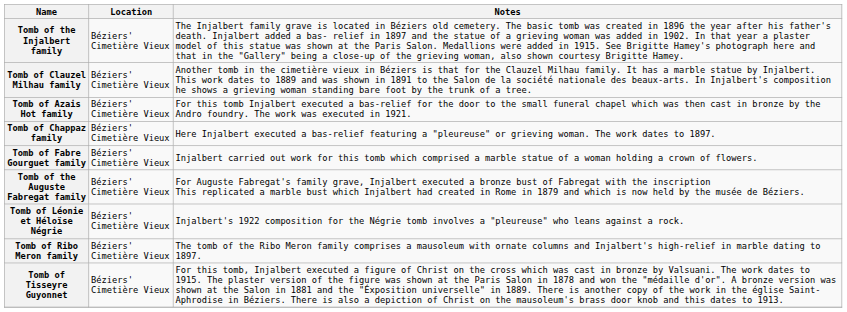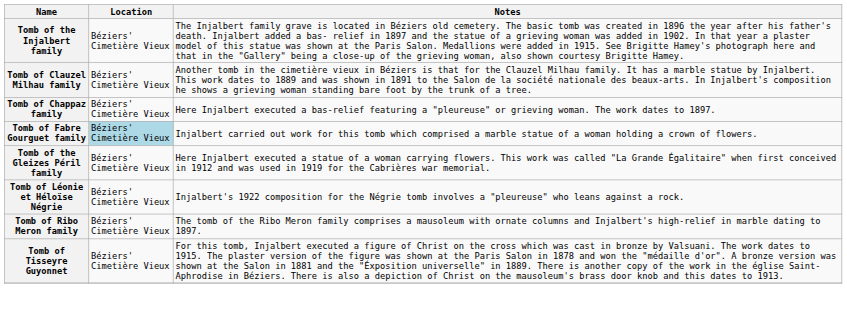 <table class="wikitable sortable plainrowheaders">
 <tr>
 <th scope="col" style="width:120px">Name</th>
 <th scope="col" style="width:120px">Location</th>
 <th scope="col" class="unsortable">Notes</th>
 </tr>
 <tr>
 <th scope="row">Tomb of the Injalbert family</th>
 <td>Béziers' Cimetière Vieux<br></td>
 <td>The Injalbert family grave is located in Béziers old cemetery. The basic tomb was created in 1896 the year after his father's death. Injalbert added a bas- relief in 1897 and the statue of a grieving woman was added in 1902. In that year a plaster model of this statue was shown at the Paris Salon. Medallions were added in 1915.  See Brigitte Hamey's photograph here and that in the "Gallery" being a close-up of the grieving woman, also shown courtesy Brigitte Hamey.<br> </td>
 </tr>
 <tr>
 <th scope="row">Tomb of Clauzel Milhau family</th>
 <td>Béziers' Cimetière Vieux<br></td>
 <td>Another tomb in the cimetière vieux in Béziers is that for the Clauzel Milhau family.  It has a marble statue by Injalbert.  This work dates to 1889 and was shown in 1891 to the Salon de la société nationale des beaux-arts. In Injalbert's composition he shows a grieving woman standing bare foot by the trunk of a tree.</td>
 </tr>
 <tr>
-<th scope="row">Tomb of Azais Hot family</th>
-<td>Béziers' Cimetière Vieux<br></td>
-<td>For this tomb Injalbert executed a bas-relief for the door to the small funeral chapel which was then cast in bronze by the Andro foundry. The work was executed in 1921.<br></td>
-</tr>
-<tr>
 <th scope="row">Tomb of Chappaz family</th>
 <td>Béziers' Cimetière Vieux<br></td>
 <td>Here Injalbert executed a bas-relief featuring a "pleureuse" or grieving woman.  The work dates to 1897.<br> </td>
 </tr>
 <tr>
 <th scope="row">Tomb of Fabre Gourguet family</th>
-<td>Béziers' Cimetière Vieux<br></td>
+<td style="background: lightblue;">Béziers' Cimetière Vieux<br></td>
 <td>Injalbert carried out work for this tomb which comprised a marble statue of a woman holding a crown of flowers.</td>
 </tr>
 <tr>
-<th scope="row">Tomb of the Auguste Fabregat family</th>
+<th scope="row">Tomb of the Gleizes Péril family</th>
 <td>Béziers' Cimetière Vieux<br></td>
-<td>For Auguste Fabregat's family grave, Injalbert executed a bronze bust of Fabregat with the inscription <br>This replicated a marble bust which Injalbert had created in Rome in 1879 and which is now held by the musée de Béziers.  </td>
+<td>Here Injalbert executed a statue of a woman carrying flowers. This work was called "La Grande Égalitaire" when first conceived in 1912 and was used in 1919 for the Cabrières war memorial.<br></td>
 </tr>
 <tr>
 <th scope="row">Tomb of Léonie et Héloïse Négrie</th>
 <td>Béziers' Cimetière Vieux<br></td>
 <td>Injalbert's 1922 composition for the Négrie tomb involves a "pleureuse"  who leans against a rock.<br></td>
 </tr>
 <tr>
 <th scope="row">Tomb of Ribo Meron family</th>
 <td>Béziers' Cimetière Vieux<br></td>
 <td>The tomb of the Ribo Meron family comprises a mausoleum with ornate columns and Injalbert's high-relief in marble dating to 1897.<br> </td>
 </tr>
 <tr>
 <th scope="row">Tomb of Tisseyre Guyonnet</th>
 <td>Béziers' Cimetière Vieux<br></td>
 <td>For this tomb, Injalbert executed a figure of Christ on the cross which was cast in bronze by Valsuani.  The work dates to 1915.  The plaster version of the figure was shown at the Paris Salon in 1878 and won the "médaille d'or". A bronze version was shown at the Salon in 1881 and the "Éxposition universelle" in 1889. There is another copy of the work in the église Saint-Aphrodise in Béziers. There is also a depiction of Christ on the mausoleum's brass door knob and this dates to 1913.<br></td>
 </tr>
 <tr>
 </tr>
 </table>
